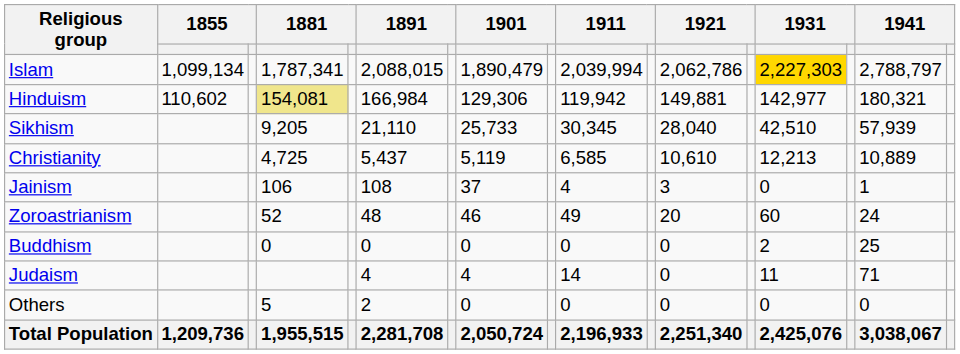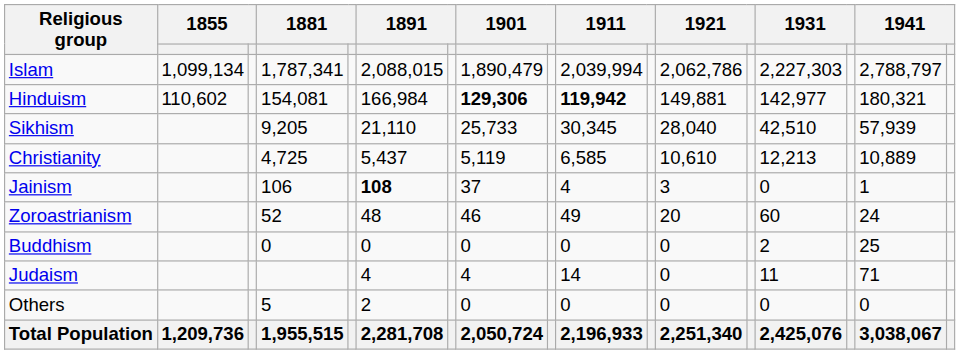 <table class="wikitable sortable">
 <tr>
 <th rowspan="2">Religious<br>group</th>
 <th colspan="2">1855</th>
 <th colspan="2">1881</th>
 <th colspan="2">1891</th>
 <th colspan="2">1901</th>
 <th colspan="2">1911</th>
 <th colspan="2">1921</th>
 <th colspan="2">1931</th>
 <th colspan="2">1941</th>
 </tr>
 <tr>
 <th><a href='#'></a></th>
 <th></th>
 <th></th>
 <th></th>
 <th></th>
 <th></th>
 <th></th>
 <th></th>
 <th></th>
 <th></th>
 <th></th>
 <th></th>
 <th></th>
 <th></th>
 <th></th>
 <th></th>
 </tr>
 <tr>
 <td><a href='#'>Islam</a> </td>
 <td>1,099,134</td>
 <td></td>
 <td>1,787,341</td>
 <td></td>
 <td>2,088,015</td>
 <td></td>
 <td>1,890,479</td>
 <td></td>
 <td>2,039,994</td>
 <td></td>
 <td>2,062,786</td>
 <td></td>
-<td style="background: gold;">2,227,303</td>
+<td>2,227,303</td>
 <td></td>
 <td>2,788,797</td>
 <td></td>
 </tr>
 <tr>
 <td><a href='#'>Hinduism</a> </td>
 <td>110,602</td>
 <td></td>
-<td style="background: khaki;">154,081</td>
+<td>154,081</td>
 <td></td>
 <td>166,984</td>
 <td></td>
-<td>129,306</td>
+<td><strong>129,306</strong></td>
 <td></td>
-<td>119,942</td>
+<td><strong>119,942</strong></td>
 <td></td>
 <td>149,881</td>
 <td></td>
 <td>142,977</td>
 <td></td>
 <td>180,321</td>
 <td></td>
 </tr>
 <tr>
 <td><a href='#'>Sikhism</a> </td>
 <td></td>
 <td></td>
 <td>9,205</td>
 <td></td>
 <td>21,110</td>
 <td></td>
 <td>25,733</td>
 <td></td>
 <td>30,345</td>
 <td></td>
 <td>28,040</td>
 <td></td>
 <td>42,510</td>
 <td></td>
 <td>57,939</td>
 <td></td>
 </tr>
 <tr>
 <td><a href='#'>Christianity</a> </td>
 <td></td>
 <td></td>
 <td>4,725</td>
 <td></td>
 <td>5,437</td>
 <td></td>
 <td>5,119</td>
 <td></td>
 <td>6,585</td>
 <td></td>
 <td>10,610</td>
 <td></td>
 <td>12,213</td>
 <td></td>
 <td>10,889</td>
 <td></td>
 </tr>
 <tr>
 <td><a href='#'>Jainism</a> </td>
 <td></td>
 <td></td>
 <td>106</td>
 <td></td>
-<td>108</td>
+<td><strong>108</strong></td>
 <td></td>
 <td>37</td>
 <td></td>
 <td>4</td>
 <td></td>
 <td>3</td>
 <td></td>
 <td>0</td>
 <td></td>
 <td>1</td>
 <td></td>
 </tr>
 <tr>
 <td><a href='#'>Zoroastrianism</a> </td>
 <td></td>
 <td></td>
 <td>52</td>
 <td></td>
 <td>48</td>
 <td></td>
 <td>46</td>
 <td></td>
 <td>49</td>
 <td></td>
 <td>20</td>
 <td></td>
 <td>60</td>
 <td></td>
 <td>24</td>
 <td></td>
 </tr>
 <tr>
 <td><a href='#'>Buddhism</a> </td>
 <td></td>
 <td></td>
 <td>0</td>
 <td></td>
 <td>0</td>
 <td></td>
 <td>0</td>
 <td></td>
 <td>0</td>
 <td></td>
 <td>0</td>
 <td></td>
 <td>2</td>
 <td></td>
 <td>25</td>
 <td></td>
 </tr>
 <tr>
 <td><a href='#'>Judaism</a> </td>
 <td></td>
 <td></td>
 <td></td>
 <td></td>
 <td>4</td>
 <td></td>
 <td>4</td>
 <td></td>
 <td>14</td>
 <td></td>
 <td>0</td>
 <td></td>
 <td>11</td>
 <td></td>
 <td>71</td>
 <td></td>
 </tr>
 <tr>
 <td>Others</td>
 <td></td>
 <td></td>
 <td>5</td>
 <td></td>
 <td>2</td>
 <td></td>
 <td>0</td>
 <td></td>
 <td>0</td>
 <td></td>
 <td>0</td>
 <td></td>
 <td>0</td>
 <td></td>
 <td>0</td>
 <td></td>
 </tr>
 <tr>
 <th>Total Population</th>
 <th>1,209,736</th>
 <th></th>
 <th>1,955,515</th>
 <th></th>
 <th>2,281,708</th>
 <th></th>
 <th>2,050,724</th>
 <th></th>
 <th>2,196,933</th>
 <th></th>
 <th>2,251,340</th>
 <th></th>
 <th>2,425,076</th>
 <th></th>
 <th>3,038,067</th>
 <th></th>
 </tr>
 </table>
